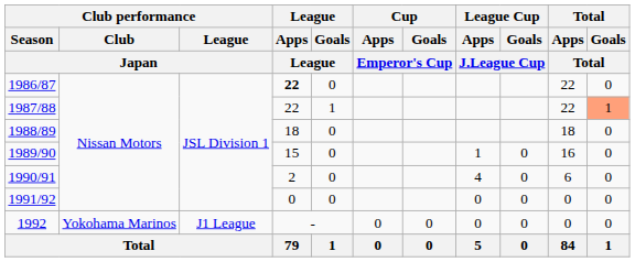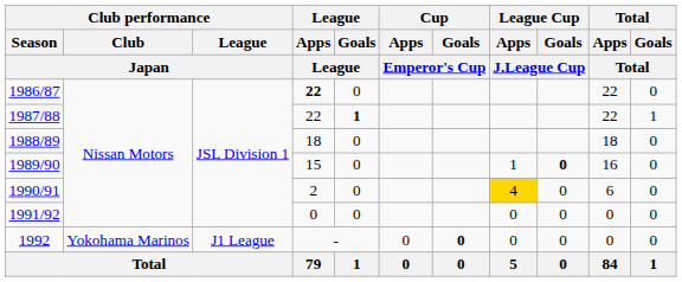 <table class="wikitable" style="text-align:center;">
 <tr>
 <th colspan=3>Club performance</th>
 <th colspan=2>League</th>
 <th colspan=2>Cup</th>
 <th colspan=2>League Cup</th>
 <th colspan=2>Total</th>
 </tr>
 <tr>
 <th>Season</th>
 <th>Club</th>
 <th>League</th>
 <th>Apps</th>
 <th>Goals</th>
 <th>Apps</th>
 <th>Goals</th>
 <th>Apps</th>
 <th>Goals</th>
 <th>Apps</th>
 <th>Goals</th>
 </tr>
 <tr>
 <th colspan=3>Japan</th>
 <th colspan=2>League</th>
 <th colspan=2><a href='#'>Emperor's Cup</a></th>
 <th colspan=2><a href='#'>J.League Cup</a></th>
 <th colspan=2>Total</th>
 </tr>
 <tr>
 <td><a href='#'>1986/87</a></td>
 <td rowspan="6"><a href='#'>Nissan Motors</a></td>
 <td rowspan="6"><a href='#'>JSL Division 1</a></td>
 <td><strong>22</strong></td>
 <td>0</td>
 <td></td>
 <td></td>
 <td></td>
 <td></td>
 <td>22</td>
 <td>0</td>
 </tr>
 <tr>
 <td><a href='#'>1987/88</a></td>
 <td>22</td>
-<td>1</td>
+<td><strong>1</strong></td>
 <td></td>
 <td></td>
 <td></td>
 <td></td>
 <td>22</td>
-<td style="background: lightsalmon;">1</td>
+<td>1</td>
 </tr>
 <tr>
 <td><a href='#'>1988/89</a></td>
 <td>18</td>
 <td>0</td>
 <td></td>
 <td></td>
 <td></td>
 <td></td>
 <td>18</td>
 <td>0</td>
 </tr>
 <tr>
 <td><a href='#'>1989/90</a></td>
 <td>15</td>
 <td>0</td>
 <td></td>
 <td></td>
 <td>1</td>
-<td>0</td>
+<td><strong>0</strong></td>
 <td>16</td>
 <td>0</td>
 </tr>
 <tr>
 <td><a href='#'>1990/91</a></td>
 <td>2</td>
 <td>0</td>
 <td></td>
 <td></td>
-<td>4</td>
+<td style="background: gold;">4</td>
 <td>0</td>
 <td>6</td>
 <td>0</td>
 </tr>
 <tr>
 <td><a href='#'>1991/92</a></td>
 <td>0</td>
 <td>0</td>
 <td></td>
 <td></td>
 <td>0</td>
 <td>0</td>
 <td>0</td>
 <td>0</td>
 </tr>
 <tr>
 <td><a href='#'>1992</a></td>
 <td><a href='#'>Yokohama Marinos</a></td>
 <td><a href='#'>J1 League</a></td>
 <td colspan="2">-</td>
 <td>0</td>
-<td>0</td>
+<td><strong>0</strong></td>
 <td>0</td>
 <td>0</td>
 <td>0</td>
 <td>0</td>
 </tr>
 <tr>
 <th colspan=3>Total</th>
 <th>79</th>
 <th>1</th>
 <th>0</th>
 <th>0</th>
 <th>5</th>
 <th>0</th>
 <th>84</th>
 <th>1</th>
 </tr>
 </table>
